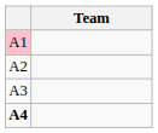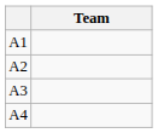 <table class="wikitable" style="display:inline-table;">
 <tr>
 <th></th>
 <th width=120>Team</th>
 </tr>
 <tr>
-<td align=center style="background: pink;">A1</td>
+<td align=center>A1</td>
 <td></td>
 </tr>
 <tr>
 <td align=center>A2</td>
 <td></td>
 </tr>
 <tr>
 <td align=center>A3</td>
 <td></td>
 </tr>
 <tr>
-<td align=center><strong>A4</strong></td>
+<td align=center>A4</td>
 <td></td>
 </tr>
 </table>
